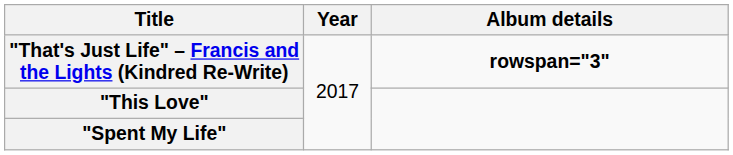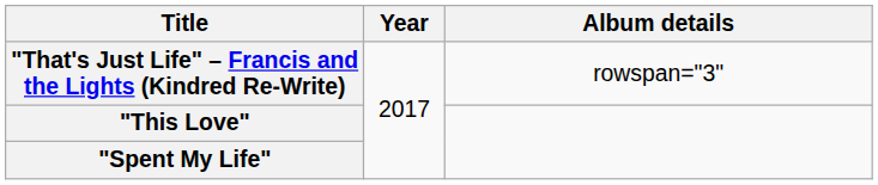 <table class="wikitable plainrowheaders" style="text-align:center;">
 <tr>
 <th scope="col" style="width:15em;">Title</th>
 <th scope="col" style="width:3em;">Year</th>
 <th scope="col" style="width:18em;">Album details</th>
 </tr>
 <tr>
 <th scope="row">"That's Just Life" – <a href='#'>Francis and the Lights</a> (Kindred Re-Write)</th>
 <td rowspan="3">2017</td>
-<td><strong>rowspan="3" </strong></td>
+<td>rowspan="3" </td>
 </tr>
 <tr>
 <th scope="row">"This Love"</th>
 </tr>
 <tr>
 <th scope="row">"Spent My Life"</th>
 </tr>
 </table>
